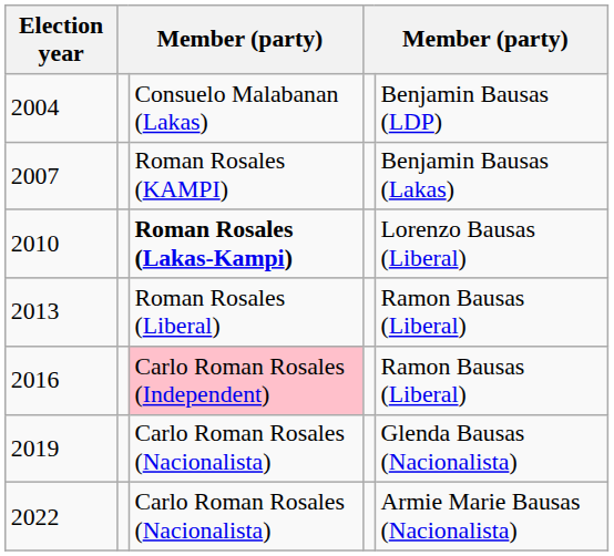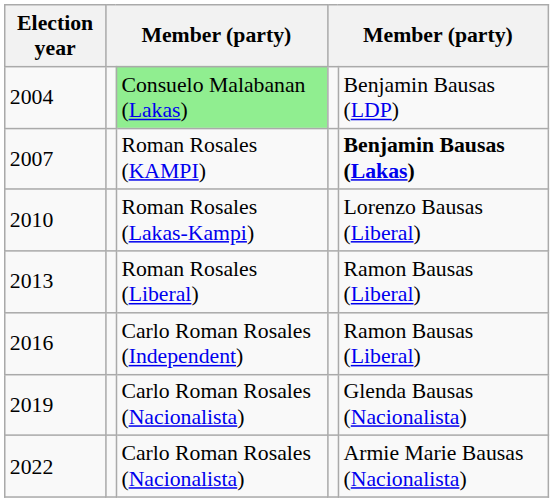 <table class=wikitable style="font-size:90%">
 <tr>
 <th width=60px>Election<br>year</th>
 <th colspan=2 width=140px>Member (party)</th>
 <th colspan=2 width=140px>Member (party)</th>
 </tr>
 <tr>
 <td>2004</td>
 <td bgcolor=></td>
-<td>Consuelo Malabanan<br>(<a href='#'>Lakas</a>)</td>
+<td style="background: lightgreen;">Consuelo Malabanan<br>(<a href='#'>Lakas</a>)</td>
 <td bgcolor=></td>
 <td>Benjamin Bausas<br>(<a href='#'>LDP</a>)</td>
 </tr>
 <tr>
 <td>2007</td>
 <td bgcolor=></td>
 <td>Roman Rosales<br>(<a href='#'>KAMPI</a>)</td>
 <td bgcolor=></td>
-<td>Benjamin Bausas<br>(<a href='#'>Lakas</a>)</td>
+<td><strong>Benjamin Bausas<br>(<a href='#'>Lakas</a>)</strong></td>
 </tr>
 <tr>
 <td>2010</td>
 <td bgcolor=></td>
-<td><strong>Roman Rosales<br>(<a href='#'>Lakas-Kampi</a>)</strong></td>
+<td>Roman Rosales<br>(<a href='#'>Lakas-Kampi</a>)</td>
 <td bgcolor=></td>
 <td>Lorenzo Bausas<br>(<a href='#'>Liberal</a>)</td>
 </tr>
 <tr>
 <td>2013</td>
 <td bgcolor=></td>
 <td>Roman Rosales<br>(<a href='#'>Liberal</a>)</td>
 <td bgcolor=></td>
 <td>Ramon Bausas<br>(<a href='#'>Liberal</a>)</td>
 </tr>
 <tr>
 <td>2016</td>
 <td bgcolor=></td>
-<td style="background: pink;">Carlo Roman Rosales<br>(<a href='#'>Independent</a>)</td>
+<td>Carlo Roman Rosales<br>(<a href='#'>Independent</a>)</td>
 <td bgcolor=></td>
 <td>Ramon Bausas<br>(<a href='#'>Liberal</a>)</td>
 </tr>
 <tr>
 <td>2019</td>
 <td bgcolor=></td>
 <td>Carlo Roman Rosales<br>(<a href='#'>Nacionalista</a>)</td>
 <td bgcolor=></td>
 <td>Glenda Bausas<br>(<a href='#'>Nacionalista</a>)</td>
 </tr>
 <tr>
 <td>2022</td>
 <td bgcolor=></td>
 <td>Carlo Roman Rosales<br>(<a href='#'>Nacionalista</a>)</td>
 <td bgcolor=></td>
 <td>Armie Marie Bausas<br>(<a href='#'>Nacionalista</a>)</td>
 </tr>
 </table>
